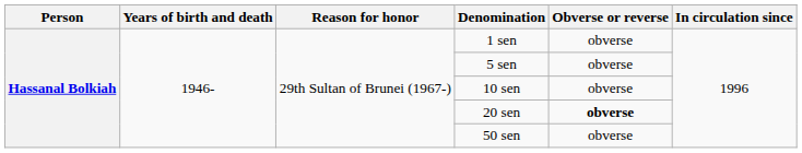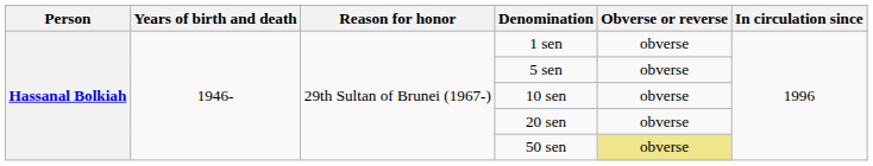 <table class="wikitable" style="font-size:95%; text-align:center;">
 <tr>
 <th>Person</th>
 <th>Years of birth and death</th>
 <th>Reason for honor</th>
 <th>Denomination</th>
 <th>Obverse or reverse</th>
 <th>In circulation since</th>
 </tr>
 <tr>
 <th rowspan="5"><a href='#'>Hassanal Bolkiah</a></th>
 <td rowspan="5">1946-</td>
 <td rowspan="5">29th Sultan of Brunei (1967-)</td>
 <td>1 sen</td>
 <td>obverse</td>
 <td rowspan="5">1996</td>
 </tr>
 <tr>
 <td>5 sen</td>
 <td>obverse</td>
 </tr>
 <tr>
 <td>10 sen</td>
 <td>obverse</td>
 </tr>
 <tr>
 <td>20 sen</td>
-<td><strong>obverse</strong></td>
+<td>obverse</td>
 </tr>
 <tr>
 <td>50 sen</td>
-<td>obverse</td>
+<td style="background: khaki;">obverse</td>
 </tr>
 </table>
